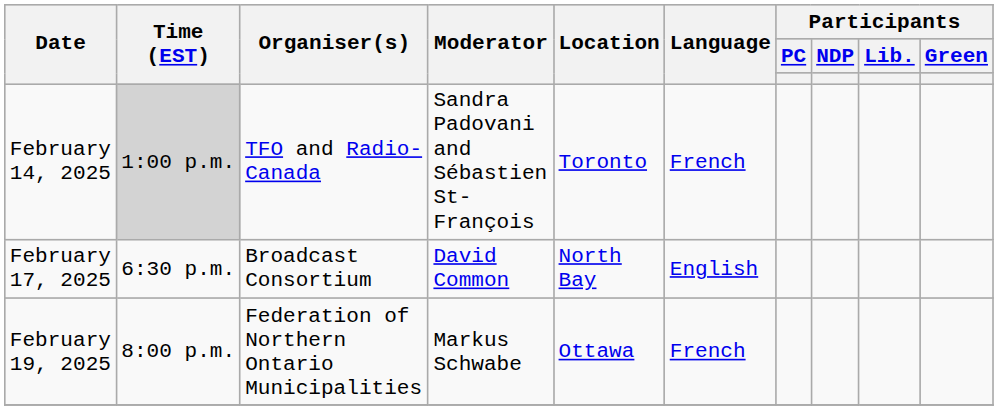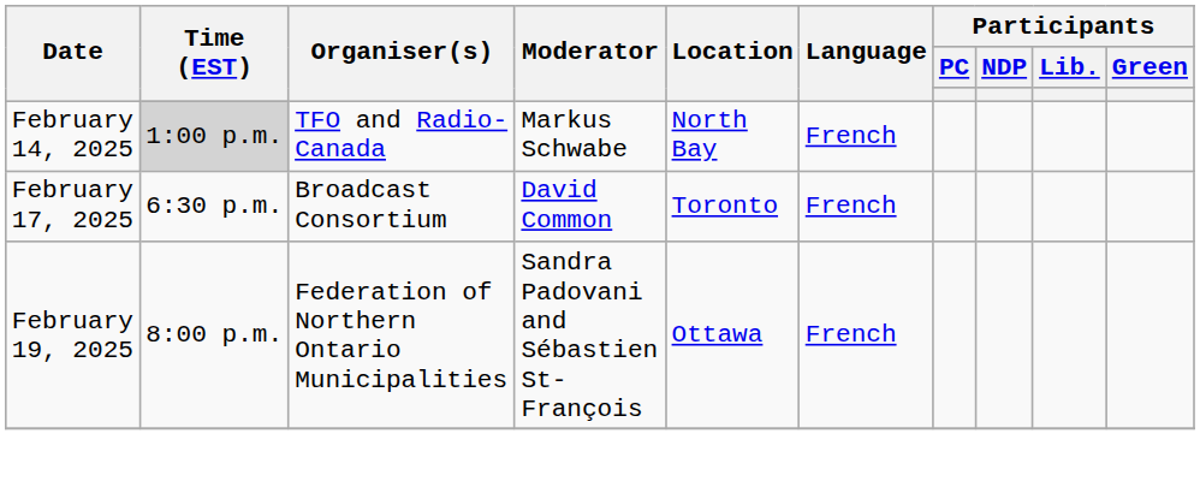 <table class="wikitable collapsed">
 <tr>
 <th rowspan=3>Date</th>
 <th rowspan=3>Time (<a href='#'>EST</a>)</th>
 <th rowspan=3>Organiser(s)</th>
 <th rowspan=3>Moderator</th>
 <th rowspan=3>Location</th>
 <th rowspan=3>Language</th>
 <th colspan="4">Participants</th>
 </tr>
 <tr>
 <th><a href='#'>PC</a></th>
 <th><a href='#'>NDP</a></th>
 <th><a href='#'>Lib.</a></th>
 <th><a href='#'>Green</a></th>
 </tr>
 <tr>
 <th style="background:"></th>
 <th style="background:"></th>
 <th style="background:"></th>
 <th style="background:"></th>
 </tr>
 <tr>
 <td>February 14, 2025</td>
 <td style="background: lightgrey;">1:00 p.m.</td>
 <td><a href='#'>TFO</a> and <a href='#'>Radio-Canada</a></td>
-<td>Sandra Padovani and Sébastien St-François</td>
-<td><a href='#'>Toronto</a></td>
+<td>Markus Schwabe</td>
+<td><a href='#'>North Bay</a></td>
 <td><a href='#'>French</a></td>
 <td></td>
 <td></td>
 <td></td>
 <td></td>
 </tr>
 <tr>
 <td>February 17, 2025</td>
 <td>6:30 p.m.</td>
 <td>Broadcast Consortium</td>
 <td><a href='#'>David Common</a></td>
-<td><a href='#'>North Bay</a></td>
-<td><a href='#'>English</a></td>
+<td><a href='#'>Toronto</a></td>
+<td><a href='#'>French</a></td>
 <td></td>
 <td></td>
 <td></td>
 <td></td>
 </tr>
 <tr>
 <td>February 19, 2025</td>
 <td>8:00 p.m.</td>
 <td>Federation of Northern Ontario Municipalities</td>
-<td>Markus Schwabe</td>
+<td>Sandra Padovani and Sébastien St-François</td>
 <td><a href='#'>Ottawa</a></td>
 <td><a href='#'>French</a></td>
 <td></td>
 <td></td>
 <td></td>
 <td></td>
 </tr>
 <tr>
 </tr>
 </table>
